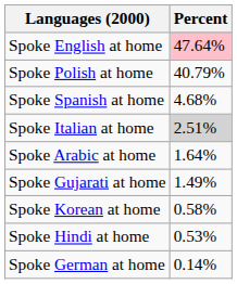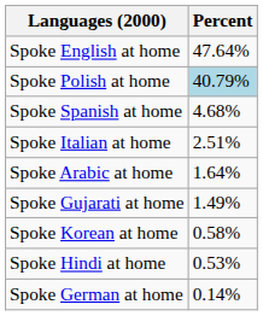 <table class="wikitable sortable collapsible" style="font-size: 90%;">
 <tr>
 <th>Languages (2000) </th>
 <th>Percent</th>
 </tr>
 <tr>
 <td>Spoke <a href='#'>English</a> at home</td>
-<td style="background: pink;">47.64%</td>
+<td>47.64%</td>
 </tr>
 <tr>
 <td>Spoke <a href='#'>Polish</a> at home</td>
-<td>40.79%</td>
+<td style="background: lightblue;">40.79%</td>
 </tr>
 <tr>
 <td>Spoke <a href='#'>Spanish</a> at home</td>
 <td>4.68%</td>
 </tr>
 <tr>
 <td>Spoke <a href='#'>Italian</a> at home</td>
-<td style="background: lightgrey;">2.51%</td>
+<td>2.51%</td>
 </tr>
 <tr>
 <td>Spoke <a href='#'>Arabic</a> at home</td>
 <td>1.64%</td>
 </tr>
 <tr>
 <td>Spoke <a href='#'>Gujarati</a> at home</td>
 <td>1.49%</td>
 </tr>
 <tr>
 <td>Spoke <a href='#'>Korean</a> at home</td>
 <td>0.58%</td>
 </tr>
 <tr>
 <td>Spoke <a href='#'>Hindi</a> at home</td>
 <td>0.53%</td>
 </tr>
 <tr>
 <td>Spoke <a href='#'>German</a> at home</td>
 <td>0.14%</td>
 </tr>
 </table>
